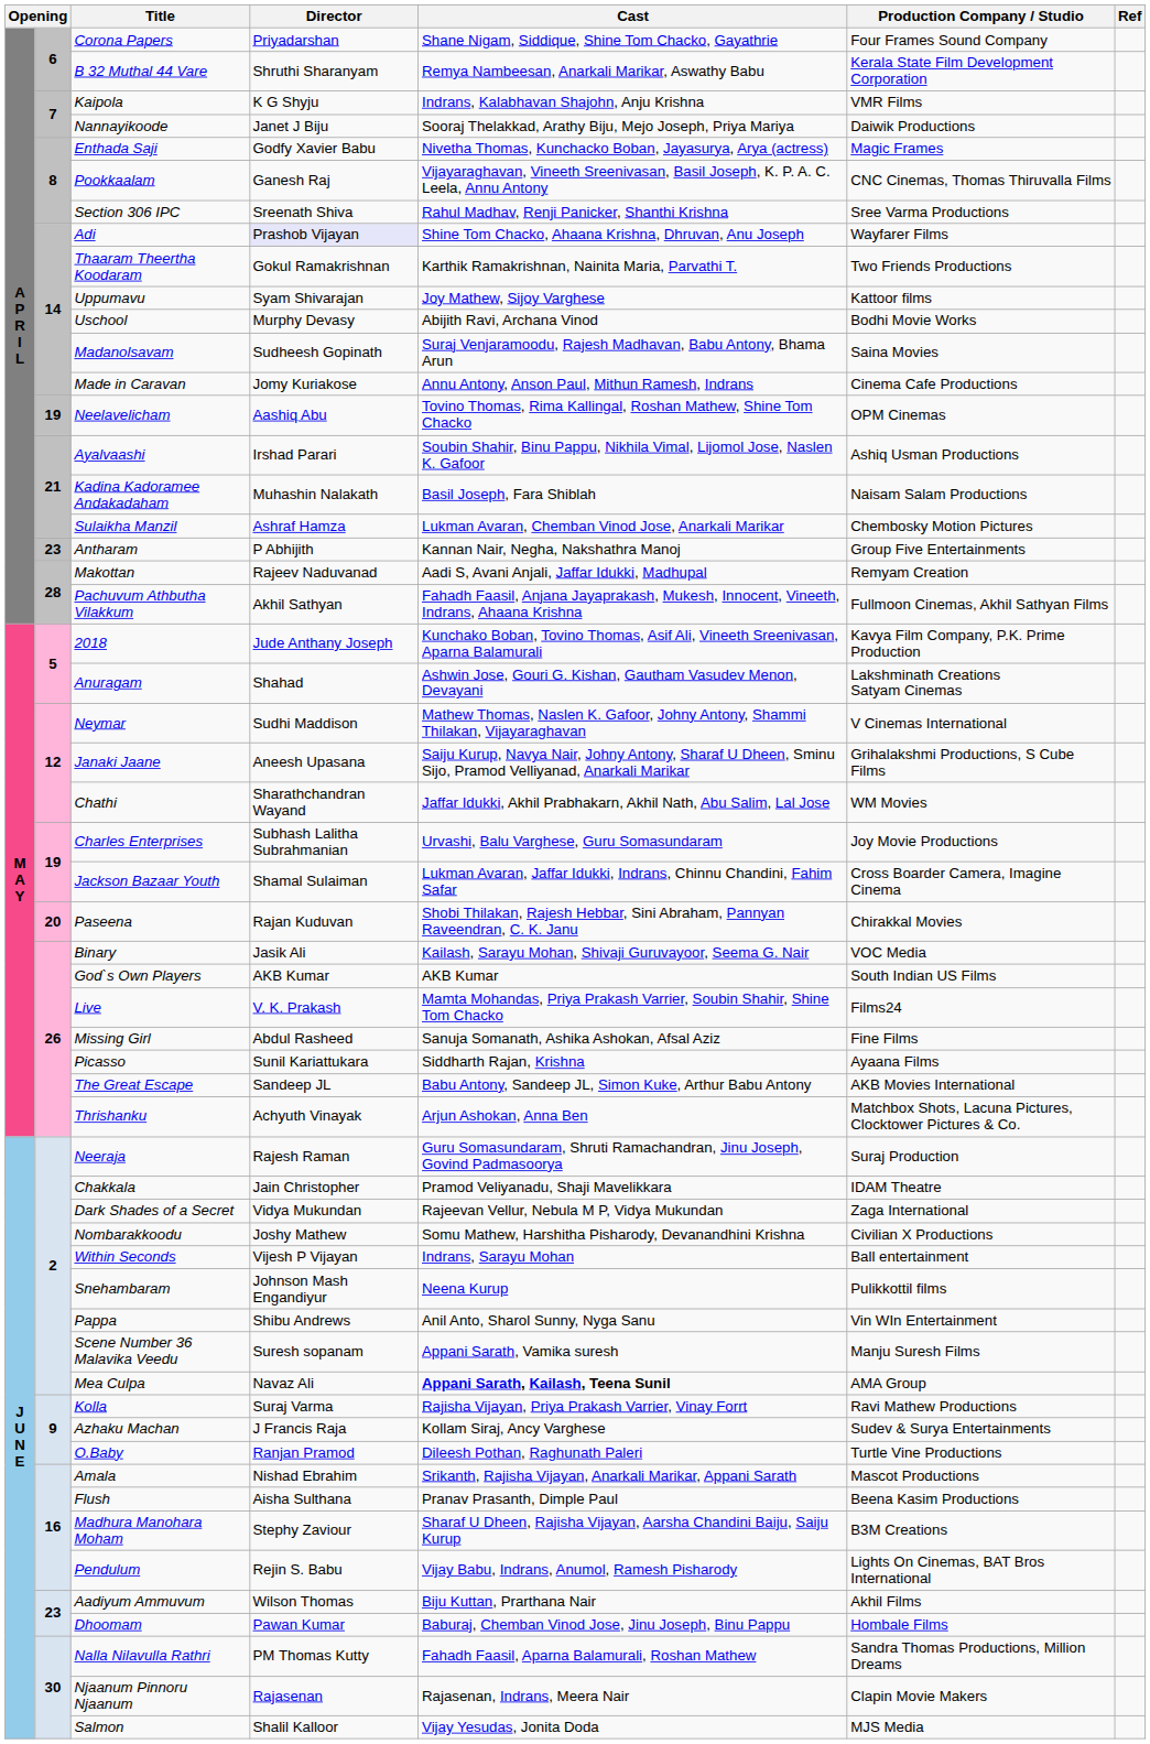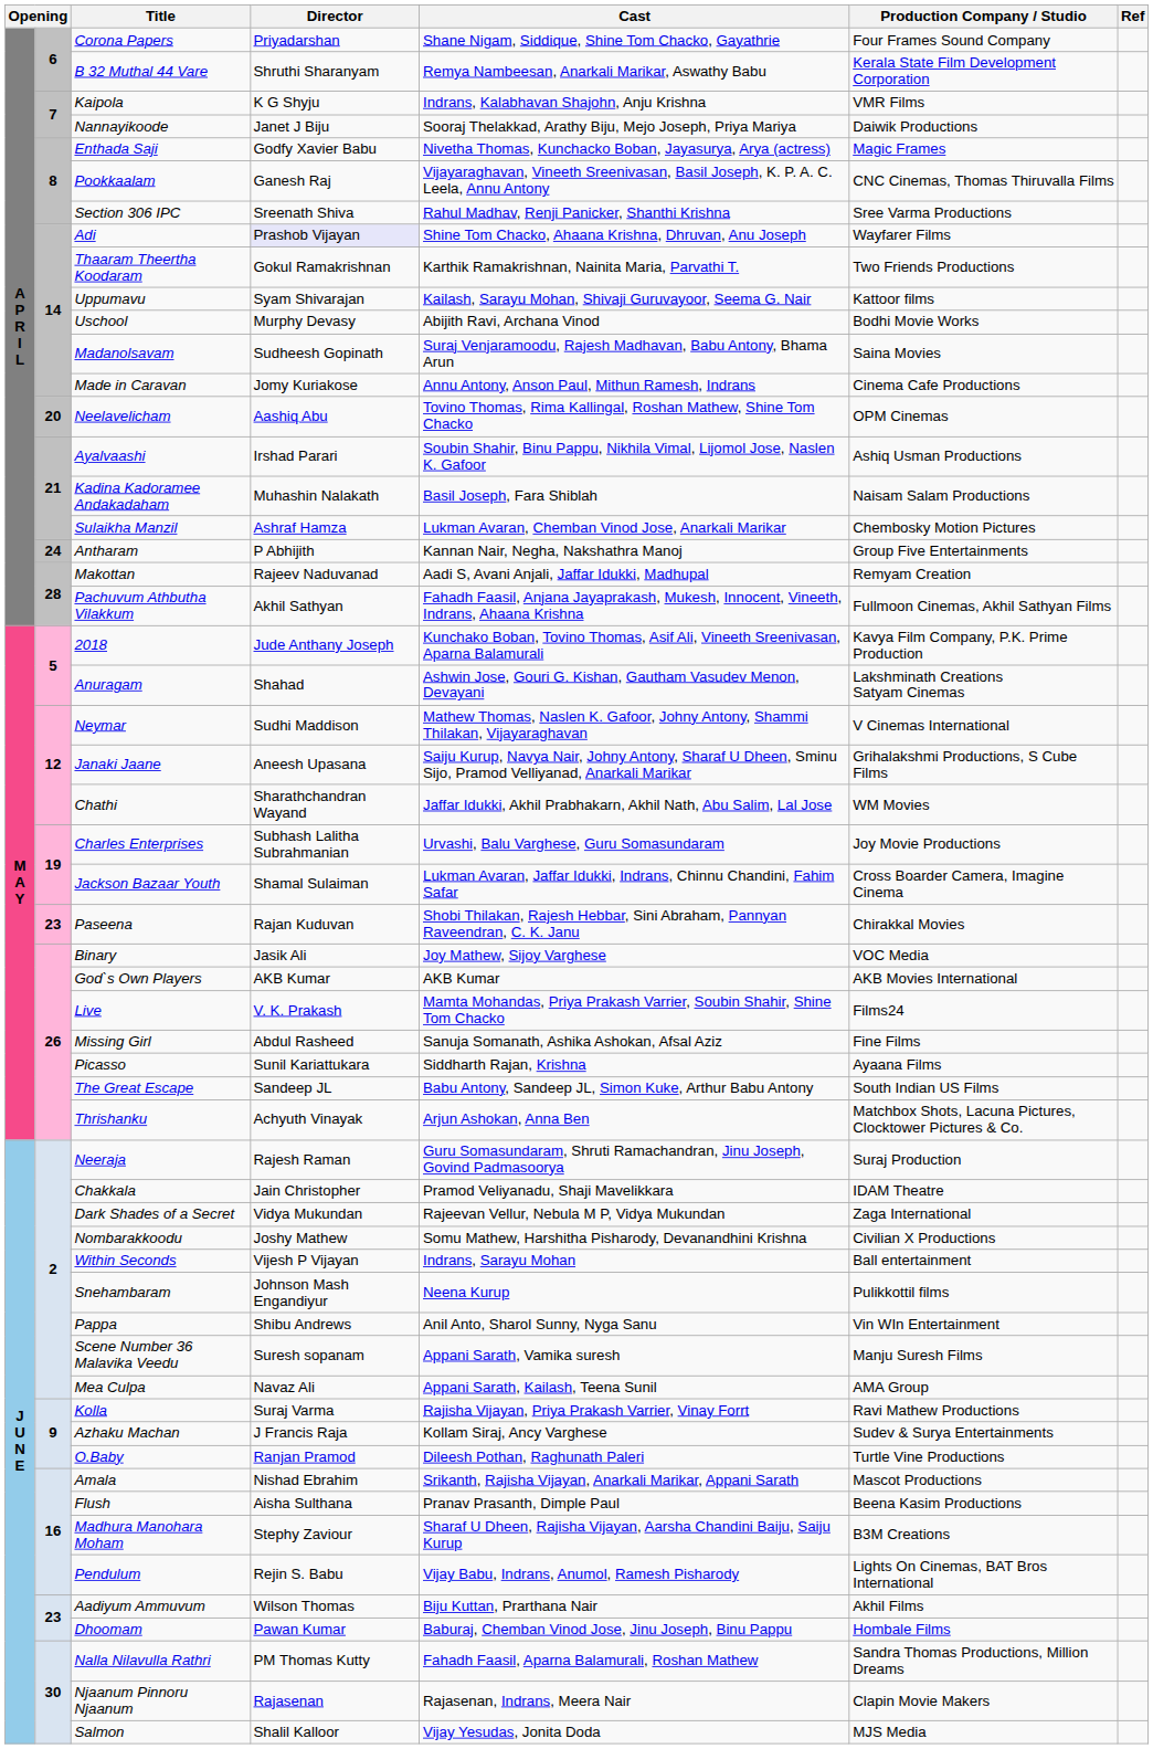 <table class="wikitable sortable">
 <tr>
 <th colspan="2" class="unsortable">Opening</th>
 <th>Title</th>
 <th>Director</th>
 <th>Cast</th>
 <th>Production Company / Studio</th>
 <th>Ref</th>
 </tr>
 <tr>
 <td rowspan="20" style="text-align:center; background:#808080; textcolor:#000;"><strong>A<br>P<br>R<br>I<br>L</strong></td>
 <td rowspan="2" style="text-align:center;background:#C0C0C0;"><strong>6</strong></td>
 <td><em><a href='#'>Corona Papers</a></em></td>
 <td><a href='#'>Priyadarshan</a></td>
 <td><a href='#'>Shane Nigam</a>, <a href='#'>Siddique</a>, <a href='#'>Shine Tom Chacko</a>, <a href='#'>Gayathrie</a></td>
 <td>Four Frames Sound Company</td>
 <td></td>
 </tr>
 <tr>
 <td><em><a href='#'>B 32 Muthal 44 Vare</a></em></td>
 <td>Shruthi Sharanyam</td>
 <td><a href='#'>Remya Nambeesan</a>, <a href='#'>Anarkali Marikar</a>, Aswathy Babu</td>
 <td><a href='#'>Kerala State Film Development Corporation</a></td>
 <td></td>
 </tr>
 <tr>
 <td rowspan="2" style="text-align:center;background:#C0C0C0;"><strong>7</strong></td>
 <td><em>Kaipola</em></td>
 <td>K G Shyju</td>
 <td><a href='#'>Indrans</a>, <a href='#'>Kalabhavan Shajohn</a>, Anju Krishna</td>
 <td>VMR Films</td>
 <td></td>
 </tr>
 <tr>
 <td><em>Nannayikoode</em></td>
 <td>Janet J Biju</td>
 <td>Sooraj Thelakkad, Arathy Biju, Mejo Joseph, Priya Mariya</td>
 <td>Daiwik Productions</td>
 <td></td>
 </tr>
 <tr>
 <td rowspan="3" style="text-align:center;background:#C0C0C0;"><strong>8</strong></td>
 <td><em><a href='#'>Enthada Saji</a></em></td>
 <td>Godfy Xavier Babu</td>
 <td><a href='#'>Nivetha Thomas</a>, <a href='#'>Kunchacko Boban</a>, <a href='#'>Jayasurya</a>, <a href='#'>Arya (actress)</a></td>
 <td><a href='#'>Magic Frames</a></td>
 <td></td>
 </tr>
 <tr>
 <td><em><a href='#'>Pookkaalam</a></em></td>
 <td>Ganesh Raj</td>
 <td><a href='#'>Vijayaraghavan</a>, <a href='#'>Vineeth Sreenivasan</a>, <a href='#'>Basil Joseph</a>, K. P. A. C. Leela, <a href='#'>Annu Antony</a></td>
 <td>CNC Cinemas, Thomas Thiruvalla Films</td>
 <td></td>
 </tr>
 <tr>
 <td><em>Section 306 IPC</em></td>
 <td>Sreenath Shiva</td>
 <td><a href='#'>Rahul Madhav</a>, <a href='#'>Renji Panicker</a>, <a href='#'>Shanthi Krishna</a></td>
 <td>Sree Varma Productions</td>
 <td></td>
 </tr>
 <tr>
 <td rowspan="6" style="text-align:center;background:#C0C0C0;"><strong>14</strong></td>
 <td><em><a href='#'>Adi</a></em></td>
 <td style="background: lavender;">Prashob Vijayan</td>
 <td><a href='#'>Shine Tom Chacko</a>, <a href='#'>Ahaana Krishna</a>, <a href='#'>Dhruvan</a>, <a href='#'>Anu Joseph</a></td>
 <td>Wayfarer Films</td>
 <td></td>
 </tr>
 <tr>
 <td><em><a href='#'>Thaaram Theertha Koodaram</a></em></td>
 <td>Gokul Ramakrishnan</td>
 <td>Karthik Ramakrishnan, Nainita Maria, <a href='#'>Parvathi T.</a></td>
 <td>Two Friends Productions</td>
 <td></td>
 </tr>
 <tr>
 <td><em>Uppumavu</em></td>
 <td>Syam Shivarajan</td>
-<td><a href='#'>Joy Mathew</a>, <a href='#'>Sijoy Varghese</a></td>
+<td><a href='#'>Kailash</a>, <a href='#'>Sarayu Mohan</a>, <a href='#'>Shivaji Guruvayoor</a>, <a href='#'>Seema G. Nair</a></td>
 <td>Kattoor films</td>
 <td></td>
 </tr>
 <tr>
 <td><em>Uschool</em></td>
 <td>Murphy Devasy</td>
 <td>Abijith Ravi, Archana Vinod</td>
 <td>Bodhi Movie Works</td>
 <td></td>
 </tr>
 <tr>
 <td><em><a href='#'>Madanolsavam</a></em></td>
 <td>Sudheesh Gopinath</td>
 <td><a href='#'>Suraj Venjaramoodu</a>, <a href='#'>Rajesh Madhavan</a>, <a href='#'>Babu Antony</a>, Bhama Arun</td>
 <td>Saina Movies</td>
 <td></td>
 </tr>
 <tr>
 <td><em>Made in Caravan</em></td>
 <td>Jomy Kuriakose</td>
 <td><a href='#'>Annu Antony</a>, <a href='#'>Anson Paul</a>, <a href='#'>Mithun Ramesh</a>, <a href='#'>Indrans</a></td>
 <td>Cinema Cafe Productions</td>
 <td></td>
 </tr>
 <tr>
-<td rowspan="1" style="text-align:center;background:#C0C0C0;"><strong>19</strong></td>
+<td rowspan="1" style="text-align:center;background:#C0C0C0;"><strong>20</strong></td>
 <td><em><a href='#'>Neelavelicham</a></em></td>
 <td><a href='#'>Aashiq Abu</a></td>
 <td><a href='#'>Tovino Thomas</a>, <a href='#'>Rima Kallingal</a>, <a href='#'>Roshan Mathew</a>, <a href='#'>Shine Tom Chacko</a></td>
 <td>OPM Cinemas</td>
 <td></td>
 </tr>
 <tr>
 <td rowspan="3" style="text-align:center;background:#C0C0C0;"><strong>21</strong></td>
 <td><em><a href='#'>Ayalvaashi</a></em></td>
 <td>Irshad Parari</td>
 <td><a href='#'>Soubin Shahir</a>, <a href='#'>Binu Pappu</a>, <a href='#'>Nikhila Vimal</a>, <a href='#'>Lijomol Jose</a>, <a href='#'>Naslen K. Gafoor</a></td>
 <td>Ashiq Usman Productions</td>
 <td></td>
 </tr>
 <tr>
 <td><em><a href='#'>Kadina Kadoramee Andakadaham</a></em></td>
 <td>Muhashin Nalakath</td>
 <td><a href='#'>Basil Joseph</a>, Fara Shiblah</td>
 <td>Naisam Salam Productions</td>
 <td></td>
 </tr>
 <tr>
 <td><em><a href='#'>Sulaikha Manzil</a></em></td>
 <td><a href='#'>Ashraf Hamza</a></td>
 <td><a href='#'>Lukman Avaran</a>, <a href='#'>Chemban Vinod Jose</a>, <a href='#'>Anarkali Marikar</a></td>
 <td>Chembosky Motion Pictures</td>
 <td></td>
 </tr>
 <tr>
-<td rowspan="1" style="text-align:center;background:#C0C0C0;"><strong>23</strong></td>
+<td rowspan="1" style="text-align:center;background:#C0C0C0;"><strong>24</strong></td>
 <td><em>Antharam</em></td>
 <td>P Abhijith</td>
 <td>Kannan Nair, Negha, Nakshathra Manoj</td>
 <td>Group Five Entertainments</td>
 <td></td>
 </tr>
 <tr>
 <td rowspan="2" style="text-align:center;background:#C0C0C0;"><strong>28</strong></td>
 <td><em>Makottan</em></td>
 <td>Rajeev Naduvanad</td>
 <td>Aadi S, Avani Anjali, <a href='#'>Jaffar Idukki</a>, <a href='#'>Madhupal</a></td>
 <td>Remyam Creation</td>
 <td></td>
 </tr>
 <tr>
 <td><em><a href='#'>Pachuvum Athbutha Vilakkum</a></em></td>
 <td>Akhil Sathyan</td>
 <td><a href='#'>Fahadh Faasil</a>, <a href='#'>Anjana Jayaprakash</a>, <a href='#'>Mukesh</a>, <a href='#'>Innocent</a>, <a href='#'>Vineeth</a>, <a href='#'>Indrans</a>, <a href='#'>Ahaana Krishna</a></td>
 <td>Fullmoon Cinemas, Akhil Sathyan Films</td>
 <td></td>
 </tr>
 <tr>
 <td rowspan="15" style="text-align:center; background:#f64a8a;"><strong>M<br>A<br>Y</strong></td>
 <td rowspan="2" style="text-align:center;background:#ffb5da;"><strong>5</strong></td>
 <td><em><a href='#'>2018</a></em></td>
 <td><a href='#'>Jude Anthany Joseph</a></td>
 <td><a href='#'>Kunchako Boban</a>, <a href='#'>Tovino Thomas</a>, <a href='#'>Asif Ali</a>, <a href='#'>Vineeth Sreenivasan</a>, <a href='#'>Aparna Balamurali</a></td>
 <td>Kavya Film Company, P.K. Prime Production</td>
 <td></td>
 </tr>
 <tr>
 <td><em><a href='#'>Anuragam</a></em></td>
 <td>Shahad</td>
 <td><a href='#'>Ashwin Jose</a>, <a href='#'>Gouri G. Kishan</a>, <a href='#'>Gautham Vasudev Menon</a>, <a href='#'>Devayani</a></td>
 <td>Lakshminath Creations<br>Satyam Cinemas</td>
 <td></td>
 </tr>
 <tr>
 <td rowspan="3" style="text-align:center;background:#ffb5da;"><strong>12</strong></td>
 <td><em><a href='#'>Neymar</a></em></td>
 <td>Sudhi Maddison</td>
 <td><a href='#'>Mathew Thomas</a>, <a href='#'>Naslen K. Gafoor</a>, <a href='#'>Johny Antony</a>, <a href='#'>Shammi Thilakan</a>, <a href='#'>Vijayaraghavan</a></td>
 <td>V Cinemas International</td>
 <td></td>
 </tr>
 <tr>
 <td><em><a href='#'>Janaki Jaane</a></em></td>
 <td>Aneesh Upasana</td>
 <td><a href='#'>Saiju Kurup</a>, <a href='#'>Navya Nair</a>, <a href='#'>Johny Antony</a>, <a href='#'>Sharaf U Dheen</a>, Sminu Sijo, Pramod Velliyanad, <a href='#'>Anarkali Marikar</a></td>
 <td>Grihalakshmi Productions, S Cube Films</td>
 <td></td>
 </tr>
 <tr>
 <td><em>Chathi</em></td>
 <td>Sharathchandran Wayand</td>
 <td><a href='#'>Jaffar Idukki</a>, Akhil Prabhakarn, Akhil Nath, <a href='#'>Abu Salim</a>, <a href='#'>Lal Jose</a></td>
 <td>WM Movies</td>
 <td></td>
 </tr>
 <tr>
 <td rowspan="2" style="text-align:center;background:#ffb5da;"><strong>19</strong></td>
 <td><em><a href='#'>Charles Enterprises</a></em></td>
 <td>Subhash Lalitha Subrahmanian</td>
 <td><a href='#'>Urvashi</a>, <a href='#'>Balu Varghese</a>, <a href='#'>Guru Somasundaram</a></td>
 <td>Joy Movie Productions</td>
 <td></td>
 </tr>
 <tr>
 <td><em><a href='#'>Jackson Bazaar Youth</a></em></td>
 <td>Shamal Sulaiman</td>
 <td><a href='#'>Lukman Avaran</a>, <a href='#'>Jaffar Idukki</a>, <a href='#'>Indrans</a>, Chinnu Chandini, <a href='#'>Fahim Safar</a></td>
 <td>Cross Boarder Camera, Imagine Cinema</td>
 <td></td>
 </tr>
 <tr>
-<td rowspan="1" style="text-align:center;background:#ffb5da;"><strong>20</strong></td>
+<td rowspan="1" style="text-align:center;background:#ffb5da;"><strong>23</strong></td>
 <td><em>Paseena</em></td>
 <td>Rajan Kuduvan</td>
 <td><a href='#'>Shobi Thilakan</a>, <a href='#'>Rajesh Hebbar</a>, Sini Abraham, <a href='#'>Pannyan Raveendran</a>, <a href='#'>C. K. Janu</a></td>
 <td>Chirakkal Movies</td>
 <td></td>
 </tr>
 <tr>
 <td rowspan="7" style="text-align:center;background:#ffb5da;"><strong>26</strong></td>
 <td><em>Binary</em></td>
 <td>Jasik Ali</td>
-<td><a href='#'>Kailash</a>, <a href='#'>Sarayu Mohan</a>, <a href='#'>Shivaji Guruvayoor</a>, <a href='#'>Seema G. Nair</a></td>
+<td><a href='#'>Joy Mathew</a>, <a href='#'>Sijoy Varghese</a></td>
 <td>VOC Media</td>
 <td></td>
 </tr>
 <tr>
 <td><em>God`s Own Players</em></td>
 <td>AKB Kumar</td>
 <td>AKB Kumar</td>
-<td>South Indian US Films</td>
+<td>AKB Movies International</td>
 <td></td>
 </tr>
 <tr>
 <td><em><a href='#'>Live</a></em></td>
 <td><a href='#'>V. K. Prakash</a></td>
 <td><a href='#'>Mamta Mohandas</a>, <a href='#'>Priya Prakash Varrier</a>, <a href='#'>Soubin Shahir</a>, <a href='#'>Shine Tom Chacko</a></td>
 <td>Films24</td>
 <td></td>
 </tr>
 <tr>
 <td><em>Missing Girl</em></td>
 <td>Abdul Rasheed</td>
 <td>Sanuja Somanath, Ashika Ashokan, Afsal Aziz</td>
 <td>Fine Films</td>
 <td></td>
 </tr>
 <tr>
 <td><em>Picasso</em></td>
 <td>Sunil Kariattukara</td>
 <td>Siddharth Rajan, <a href='#'>Krishna</a></td>
 <td>Ayaana Films</td>
 <td></td>
 </tr>
 <tr>
 <td><em><a href='#'>The Great Escape</a></em></td>
 <td>Sandeep JL</td>
 <td><a href='#'>Babu Antony</a>, Sandeep JL, <a href='#'>Simon Kuke</a>, Arthur Babu Antony</td>
-<td>AKB Movies International</td>
+<td>South Indian US Films</td>
 <td></td>
 </tr>
 <tr>
 <td><em><a href='#'>Thrishanku</a></em></td>
 <td>Achyuth Vinayak</td>
 <td><a href='#'>Arjun Ashokan</a>, <a href='#'>Anna Ben</a></td>
 <td>Matchbox Shots, Lacuna Pictures, Clocktower Pictures & Co.</td>
 <td></td>
 </tr>
 <tr>
 <td rowspan="21" style="text-align:center; background:#93CCEA; textcolor:#000;"><strong>J<br>U<br>N<br>E</strong></td>
 <td rowspan="9" style="text-align:center;background:#d9e4f1;"><strong>2</strong></td>
 <td><em><a href='#'>Neeraja</a></em></td>
 <td>Rajesh Raman</td>
 <td><a href='#'>Guru Somasundaram</a>, Shruti Ramachandran, <a href='#'>Jinu Joseph</a>, <a href='#'>Govind Padmasoorya</a></td>
 <td>Suraj Production</td>
 <td></td>
 </tr>
 <tr>
 <td><em>Chakkala</em></td>
 <td>Jain Christopher</td>
 <td>Pramod Veliyanadu, Shaji Mavelikkara</td>
 <td>IDAM Theatre</td>
 <td></td>
 </tr>
 <tr>
 <td><em>Dark Shades of a Secret</em></td>
 <td>Vidya Mukundan</td>
 <td>Rajeevan Vellur, Nebula M P, Vidya Mukundan</td>
 <td>Zaga International</td>
 <td></td>
 </tr>
 <tr>
 <td><em>Nombarakkoodu</em></td>
 <td>Joshy Mathew</td>
 <td>Somu Mathew, Harshitha Pisharody, Devanandhini Krishna</td>
 <td>Civilian X Productions</td>
 <td></td>
 </tr>
 <tr>
 <td><em><a href='#'>Within Seconds</a></em></td>
 <td>Vijesh P Vijayan</td>
 <td><a href='#'>Indrans</a>, <a href='#'>Sarayu Mohan</a></td>
 <td>Ball entertainment</td>
 <td></td>
 </tr>
 <tr>
 <td><em>Snehambaram</em></td>
 <td>Johnson Mash Engandiyur</td>
 <td><a href='#'>Neena Kurup</a></td>
 <td>Pulikkottil films</td>
 <td></td>
 </tr>
 <tr>
 <td><em>Pappa</em></td>
 <td>Shibu Andrews</td>
 <td>Anil Anto, Sharol Sunny, Nyga Sanu</td>
 <td>Vin WIn Entertainment</td>
 <td></td>
 </tr>
 <tr>
 <td><em>Scene Number 36 Malavika Veedu</em></td>
 <td>Suresh sopanam</td>
 <td><a href='#'>Appani Sarath</a>, Vamika suresh</td>
 <td>Manju Suresh Films</td>
 <td></td>
 </tr>
 <tr>
 <td><em>Mea Culpa</em></td>
 <td>Navaz Ali</td>
-<td><strong><a href='#'>Appani Sarath</a>, <a href='#'>Kailash</a>, Teena Sunil</strong></td>
+<td><a href='#'>Appani Sarath</a>, <a href='#'>Kailash</a>, Teena Sunil</td>
 <td>AMA Group</td>
 <td></td>
 </tr>
 <tr>
 <td rowspan="3" style="text-align:center;background:#d9e4f1;"><strong>9</strong></td>
 <td><em><a href='#'>Kolla</a></em></td>
 <td>Suraj Varma</td>
 <td><a href='#'>Rajisha Vijayan</a>, <a href='#'>Priya Prakash Varrier</a>, <a href='#'>Vinay Forrt</a></td>
 <td>Ravi Mathew Productions</td>
 <td></td>
 </tr>
 <tr>
 <td><em>Azhaku Machan</em></td>
 <td>J Francis Raja</td>
 <td>Kollam Siraj, Ancy Varghese</td>
 <td>Sudev & Surya Entertainments</td>
 <td></td>
 </tr>
 <tr>
 <td><em><a href='#'>O.Baby</a></em></td>
 <td><a href='#'>Ranjan Pramod</a></td>
 <td><a href='#'>Dileesh Pothan</a>, <a href='#'>Raghunath Paleri</a></td>
 <td>Turtle Vine Productions</td>
 <td></td>
 </tr>
 <tr>
 <td rowspan="4" style="text-align:center;background:#d9e4f1;"><strong>16</strong></td>
 <td><em>Amala</em></td>
 <td>Nishad Ebrahim</td>
 <td><a href='#'>Srikanth</a>, <a href='#'>Rajisha Vijayan</a>, <a href='#'>Anarkali Marikar</a>, <a href='#'>Appani Sarath</a></td>
 <td>Mascot Productions</td>
 <td></td>
 </tr>
 <tr>
 <td><em>Flush</em></td>
 <td>Aisha Sulthana</td>
 <td>Pranav Prasanth, Dimple Paul</td>
 <td>Beena Kasim Productions</td>
 <td></td>
 </tr>
 <tr>
 <td><em><a href='#'>Madhura Manohara Moham</a></em></td>
 <td>Stephy Zaviour</td>
 <td><a href='#'>Sharaf U Dheen</a>, <a href='#'>Rajisha Vijayan</a>, <a href='#'>Aarsha Chandini Baiju</a>, <a href='#'>Saiju Kurup</a></td>
 <td>B3M Creations</td>
 <td></td>
 </tr>
 <tr>
 <td><em><a href='#'>Pendulum</a></em></td>
 <td>Rejin S. Babu</td>
 <td><a href='#'>Vijay Babu</a>, <a href='#'>Indrans</a>, <a href='#'>Anumol</a>, <a href='#'>Ramesh Pisharody</a></td>
 <td>Lights On Cinemas, BAT Bros International</td>
 <td></td>
 </tr>
 <tr>
 <td rowspan="2" style="text-align:center;background:#d9e4f1;"><strong>23</strong></td>
 <td><em>Aadiyum Ammuvum</em></td>
 <td>Wilson Thomas</td>
 <td><a href='#'>Biju Kuttan</a>, Prarthana Nair</td>
 <td>Akhil Films</td>
 <td></td>
 </tr>
 <tr>
 <td><em><a href='#'>Dhoomam</a></em></td>
 <td><a href='#'>Pawan Kumar</a></td>
 <td><a href='#'>Baburaj</a>, <a href='#'>Chemban Vinod Jose</a>, <a href='#'>Jinu Joseph</a>, <a href='#'>Binu Pappu</a></td>
 <td><a href='#'>Hombale Films</a></td>
 <td></td>
 </tr>
 <tr>
 <td rowspan="3" style="text-align:center;background:#d9e4f1;"><strong>30</strong></td>
 <td><em><a href='#'>Nalla Nilavulla Rathri</a></em></td>
 <td>PM Thomas Kutty</td>
 <td><a href='#'>Fahadh Faasil</a>, <a href='#'>Aparna Balamurali</a>, <a href='#'>Roshan Mathew</a></td>
 <td>Sandra Thomas Productions, Million Dreams</td>
 <td></td>
 </tr>
 <tr>
 <td><em>Njaanum Pinnoru Njaanum</em></td>
 <td><a href='#'>Rajasenan</a></td>
 <td>Rajasenan, <a href='#'>Indrans</a>, Meera Nair</td>
 <td>Clapin Movie Makers</td>
 <td></td>
 </tr>
 <tr>
 <td><em>Salmon</em></td>
 <td>Shalil Kalloor</td>
 <td><a href='#'>Vijay Yesudas</a>, Jonita Doda</td>
 <td>MJS Media</td>
 <td></td>
 </tr>
 </table>
